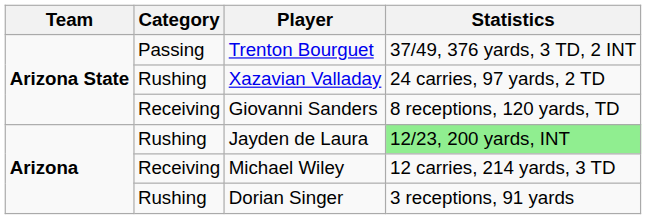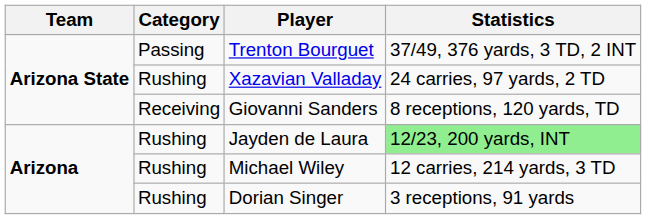 <table class="wikitable" style="float: right;">
 <tr>
 <th>Team</th>
 <th>Category</th>
 <th>Player</th>
 <th>Statistics</th>
 </tr>
 <tr>
 <td rowspan=3><strong>Arizona State</strong></td>
 <td>Passing</td>
 <td><a href='#'>Trenton Bourguet</a></td>
 <td>37/49, 376 yards, 3 TD, 2 INT</td>
 </tr>
 <tr>
 <td>Rushing</td>
 <td><a href='#'>Xazavian Valladay</a></td>
 <td>24 carries, 97 yards, 2 TD</td>
 </tr>
 <tr>
 <td>Receiving</td>
 <td>Giovanni Sanders</td>
 <td>8 receptions, 120 yards, TD</td>
 </tr>
 <tr>
 <td rowspan=3><strong>Arizona</strong></td>
 <td>Rushing</td>
 <td>Jayden de Laura</td>
 <td style="background: lightgreen;">12/23, 200 yards, INT</td>
 </tr>
 <tr>
-<td>Receiving</td>
+<td>Rushing</td>
 <td>Michael Wiley</td>
 <td>12 carries, 214 yards, 3 TD</td>
 </tr>
 <tr>
 <td>Rushing</td>
 <td>Dorian Singer</td>
 <td>3 receptions, 91 yards</td>
 </tr>
 </table>
